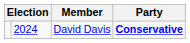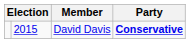 <table class="wikitable">
 <tr>
 <th colspan="2">Election</th>
 <th>Member</th>
 <th>Party</th>
 </tr>
 <tr>
 <td style="color:inherit;background-color: "></td>
-<td><a href='#'>2024</a></td>
+<td><a href='#'>2015</a></td>
 <td><a href='#'>David Davis</a></td>
 <td><strong><a href='#'>Conservative</a></strong></td>
 </tr>
 </table>
